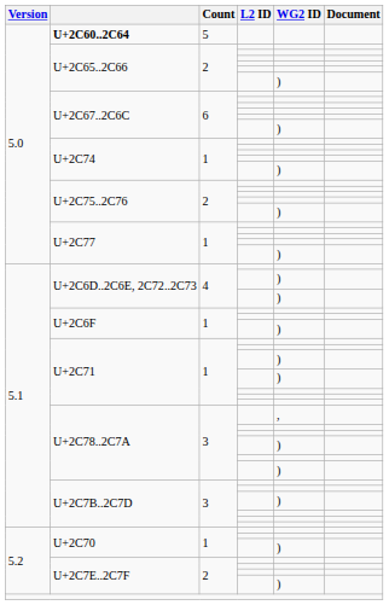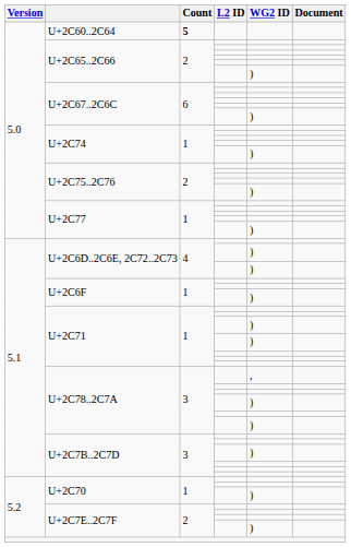 <table class="wikitable collapsible sticky-header">
 <tr>
 <th><a href='#'>Version</a></th>
 <th></th>
 <th>Count</th>
 <th><a href='#'>L2</a> ID</th>
 <th><a href='#'>WG2</a> ID</th>
 <th>Document</th>
 </tr>
 <tr>
 <td rowspan="28">5.0</td>
-<td><strong>U+2C60..2C64</strong></td>
-<td>5</td>
+<td>U+2C60..2C64</td>
+<td><strong>5</strong></td>
 <td></td>
 <td></td>
 <td></td>
 </tr>
 <tr>
 <td rowspan="6">U+2C65..2C66</td>
 <td rowspan="6">2</td>
 <td></td>
 <td></td>
 <td></td>
 </tr>
 <tr>
 <td></td>
 <td></td>
 <td></td>
 </tr>
 <tr>
 <td></td>
 <td></td>
 <td></td>
 </tr>
 <tr>
 <td></td>
 <td></td>
 <td></td>
 </tr>
 <tr>
 <td></td>
 <td></td>
 <td></td>
 </tr>
 <tr>
 <td></td>
 <td> )</td>
 <td></td>
 </tr>
 <tr>
 <td rowspan="6">U+2C67..2C6C</td>
 <td rowspan="6">6</td>
 <td></td>
 <td></td>
 <td></td>
 </tr>
 <tr>
 <td></td>
 <td></td>
 <td></td>
 </tr>
 <tr>
 <td></td>
 <td></td>
 <td></td>
 </tr>
 <tr>
 <td></td>
 <td></td>
 <td></td>
 </tr>
 <tr>
 <td></td>
 <td></td>
 <td></td>
 </tr>
 <tr>
 <td></td>
 <td> )</td>
 <td></td>
 </tr>
 <tr>
 <td rowspan="5">U+2C74</td>
 <td rowspan="5">1</td>
 <td></td>
 <td></td>
 <td></td>
 </tr>
 <tr>
 <td></td>
 <td></td>
 <td></td>
 </tr>
 <tr>
 <td></td>
 <td></td>
 <td></td>
 </tr>
 <tr>
 <td></td>
 <td></td>
 <td></td>
 </tr>
 <tr>
 <td></td>
 <td> )</td>
 <td></td>
 </tr>
 <tr>
 <td rowspan="5">U+2C75..2C76</td>
 <td rowspan="5">2</td>
 <td></td>
 <td></td>
 <td></td>
 </tr>
 <tr>
 <td></td>
 <td></td>
 <td></td>
 </tr>
 <tr>
 <td></td>
 <td></td>
 <td></td>
 </tr>
 <tr>
 <td></td>
 <td></td>
 <td></td>
 </tr>
 <tr>
 <td></td>
 <td> )</td>
 <td></td>
 </tr>
 <tr>
 <td rowspan="5">U+2C77</td>
 <td rowspan="5">1</td>
 <td></td>
 <td></td>
 <td></td>
 </tr>
 <tr>
 <td></td>
 <td></td>
 <td></td>
 </tr>
 <tr>
 <td></td>
 <td></td>
 <td></td>
 </tr>
 <tr>
 <td></td>
 <td></td>
 <td></td>
 </tr>
 <tr>
 <td></td>
 <td> )</td>
 <td></td>
 </tr>
 <tr>
 <td rowspan="25">5.1</td>
 <td rowspan="3">U+2C6D..2C6E, 2C72..2C73</td>
 <td rowspan="3">4</td>
 <td></td>
 <td></td>
 <td></td>
 </tr>
 <tr>
 <td></td>
 <td> )</td>
 <td></td>
 </tr>
 <tr>
 <td></td>
 <td> )</td>
 <td></td>
 </tr>
 <tr>
 <td rowspan="3">U+2C6F</td>
 <td rowspan="3">1</td>
 <td></td>
 <td></td>
 <td></td>
 </tr>
 <tr>
 <td></td>
 <td></td>
 <td></td>
 </tr>
 <tr>
 <td></td>
 <td> )</td>
 <td></td>
 </tr>
 <tr>
 <td rowspan="7">U+2C71</td>
 <td rowspan="7">1</td>
 <td></td>
 <td></td>
 <td></td>
 </tr>
 <tr>
 <td></td>
 <td></td>
 <td></td>
 </tr>
 <tr>
 <td></td>
 <td> )</td>
 <td></td>
 </tr>
 <tr>
 <td></td>
 <td> )</td>
 <td></td>
 </tr>
 <tr>
 <td></td>
 <td></td>
 <td></td>
 </tr>
 <tr>
 <td></td>
 <td></td>
 <td></td>
 </tr>
 <tr>
 <td></td>
 <td></td>
 <td></td>
 </tr>
 <tr>
 <td rowspan="6">U+2C78..2C7A</td>
 <td rowspan="6">3</td>
 <td></td>
 <td>,  </td>
 <td></td>
 </tr>
 <tr>
 <td></td>
 <td></td>
 <td></td>
 </tr>
 <tr>
 <td></td>
 <td></td>
 <td></td>
 </tr>
 <tr>
 <td></td>
 <td> )</td>
 <td></td>
 </tr>
 <tr>
 <td></td>
 <td></td>
 <td></td>
 </tr>
 <tr>
 <td></td>
 <td> )</td>
 <td></td>
 </tr>
 <tr>
 <td rowspan="6">U+2C7B..2C7D</td>
 <td rowspan="6">3</td>
 <td></td>
 <td></td>
 <td></td>
 </tr>
 <tr>
 <td></td>
 <td></td>
 <td></td>
 </tr>
 <tr>
 <td></td>
 <td> )</td>
 <td></td>
 </tr>
 <tr>
 <td></td>
 <td></td>
 <td></td>
 </tr>
 <tr>
 <td></td>
 <td></td>
 <td></td>
 </tr>
 <tr>
 <td></td>
 <td></td>
 <td></td>
 </tr>
 <tr>
 <td rowspan="7">5.2</td>
 <td rowspan="3">U+2C70</td>
 <td rowspan="3">1</td>
 <td></td>
 <td></td>
 <td></td>
 </tr>
 <tr>
 <td></td>
 <td></td>
 <td></td>
 </tr>
 <tr>
 <td></td>
 <td> )</td>
 <td></td>
 </tr>
 <tr>
 <td rowspan="4">U+2C7E..2C7F</td>
 <td rowspan="4">2</td>
 <td></td>
 <td></td>
 <td></td>
 </tr>
 <tr>
 <td></td>
 <td></td>
 <td></td>
 </tr>
 <tr>
 <td></td>
 <td></td>
 <td></td>
 </tr>
 <tr>
 <td></td>
 <td> )</td>
 <td></td>
 </tr>
 <tr class="sortbottom">
 <td colspan="6"></td>
 </tr>
 </table>
